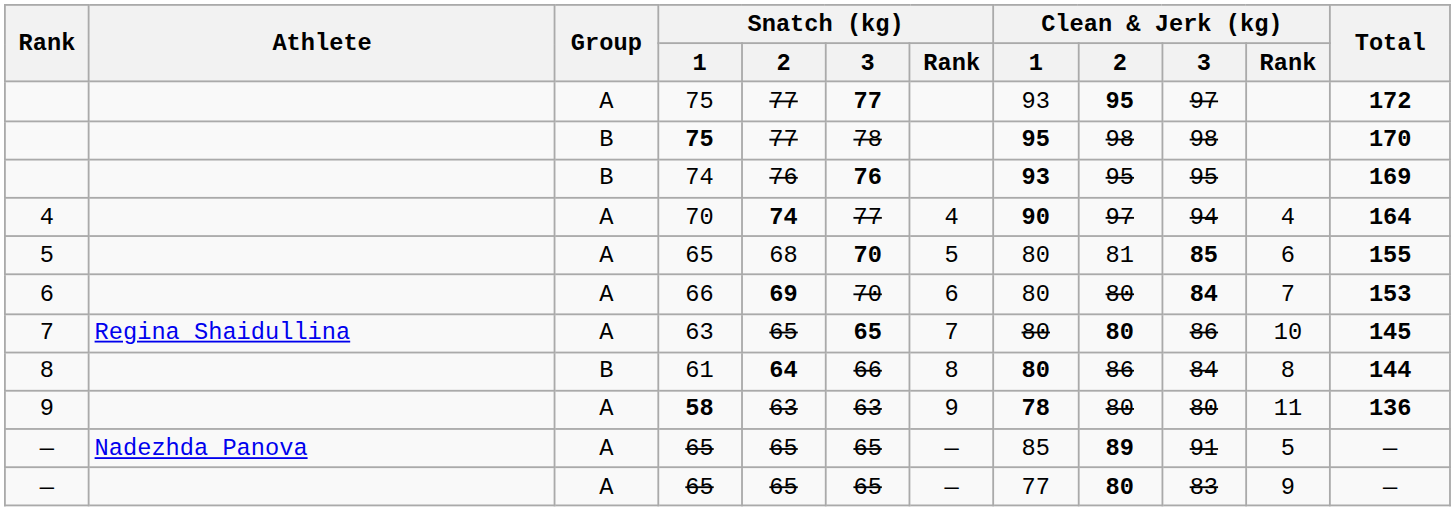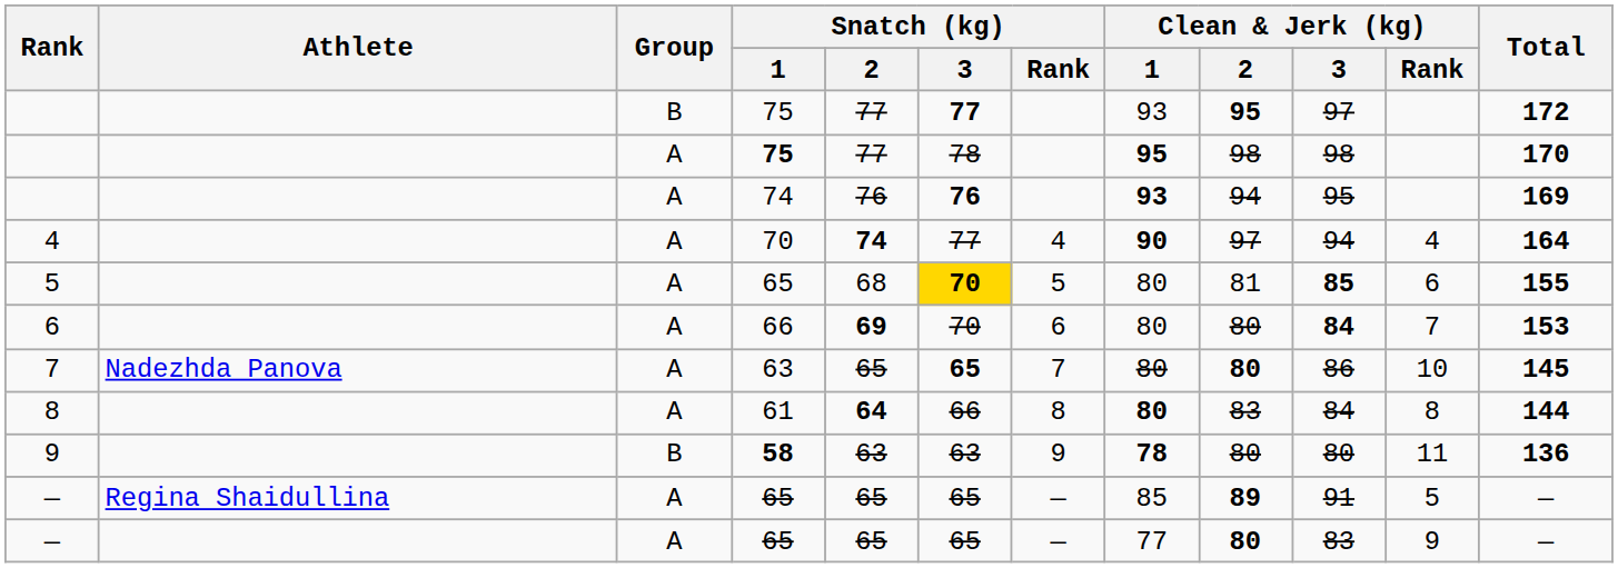 <table class = "wikitable" style="text-align:center;">
 <tr>
 <th rowspan=2 width=40>Rank</th>
 <th rowspan=2 width=250>Athlete</th>
 <th rowspan=2 width=50>Group</th>
 <th colspan=4>Snatch (kg)</th>
 <th colspan=4>Clean & Jerk (kg)</th>
 <th rowspan=2 width=60>Total</th>
 </tr>
 <tr>
 <th width=40>1</th>
 <th width=40>2</th>
 <th width=40>3</th>
 <th width=40>Rank</th>
 <th width=40>1</th>
 <th width=40>2</th>
 <th width=40>3</th>
 <th width=40>Rank</th>
 </tr>
 <tr>
 <td></td>
 <td align=left></td>
-<td>A</td>
+<td>B</td>
 <td>75</td>
 <td><s>77</s></td>
 <td><strong>77</strong></td>
 <td></td>
 <td>93</td>
 <td><strong>95</strong></td>
 <td><s>97</s></td>
 <td></td>
 <td><strong>172</strong></td>
 </tr>
 <tr>
 <td></td>
 <td align=left></td>
-<td>B</td>
+<td>A</td>
 <td><strong>75</strong></td>
 <td><s>77</s></td>
 <td><s>78</s></td>
 <td></td>
 <td><strong>95</strong></td>
 <td><s>98</s></td>
 <td><s>98</s></td>
 <td></td>
 <td><strong>170</strong></td>
 </tr>
 <tr>
 <td></td>
 <td align=left></td>
-<td>B</td>
+<td>A</td>
 <td>74</td>
 <td><s>76</s></td>
 <td><strong>76</strong></td>
 <td></td>
 <td><strong>93</strong></td>
-<td><s>95</s></td>
+<td><s>94</s></td>
 <td><s>95</s></td>
 <td></td>
 <td><strong>169</strong></td>
 </tr>
 <tr>
 <td>4</td>
 <td align=left></td>
 <td>A</td>
 <td>70</td>
 <td><strong>74</strong></td>
 <td><s>77</s></td>
 <td>4</td>
 <td><strong>90</strong></td>
 <td><s>97</s></td>
 <td><s>94</s></td>
 <td>4</td>
 <td><strong>164</strong></td>
 </tr>
 <tr>
 <td>5</td>
 <td align=left></td>
 <td>A</td>
 <td>65</td>
 <td>68</td>
-<td><strong>70</strong></td>
+<td style="background: gold;"><strong>70</strong></td>
 <td>5</td>
 <td>80</td>
 <td>81</td>
 <td><strong>85</strong></td>
 <td>6</td>
 <td><strong>155</strong></td>
 </tr>
 <tr>
 <td>6</td>
 <td align=left></td>
 <td>A</td>
 <td>66</td>
 <td><strong>69</strong></td>
 <td><s>70</s></td>
 <td>6</td>
 <td>80</td>
 <td><s>80</s></td>
 <td><strong>84</strong></td>
 <td>7</td>
 <td><strong>153</strong></td>
 </tr>
 <tr>
 <td>7</td>
-<td align=left> <a href='#'>Regina Shaidullina</a> </td>
+<td align=left> <a href='#'>Nadezhda Panova</a> </td>
 <td>A</td>
 <td>63</td>
 <td><s>65</s></td>
 <td><strong>65</strong></td>
 <td>7</td>
 <td><s>80</s></td>
 <td><strong>80</strong></td>
 <td><s>86</s></td>
 <td>10</td>
 <td><strong>145</strong></td>
 </tr>
 <tr>
 <td>8</td>
 <td align=left></td>
-<td>B</td>
+<td>A</td>
 <td>61</td>
 <td><strong>64</strong></td>
 <td><s>66</s></td>
 <td>8</td>
 <td><strong>80</strong></td>
-<td><s>86</s></td>
+<td><s>83</s></td>
 <td><s>84</s></td>
 <td>8</td>
 <td><strong>144</strong></td>
 </tr>
 <tr>
 <td>9</td>
 <td align=left></td>
-<td>A</td>
+<td>B</td>
 <td><strong>58</strong></td>
 <td><s>63</s></td>
 <td><s>63</s></td>
 <td>9</td>
 <td><strong>78</strong></td>
 <td><s>80</s></td>
 <td><s>80</s></td>
 <td>11</td>
 <td><strong>136</strong></td>
 </tr>
 <tr>
 <td>—</td>
-<td align=left> <a href='#'>Nadezhda Panova</a> </td>
+<td align=left> <a href='#'>Regina Shaidullina</a> </td>
 <td>A</td>
 <td><s>65</s></td>
 <td><s>65</s></td>
 <td><s>65</s></td>
 <td>—</td>
 <td>85</td>
 <td><strong>89</strong></td>
 <td><s>91</s></td>
 <td>5</td>
 <td>—</td>
 </tr>
 <tr>
 <td>—</td>
 <td align=left></td>
 <td>A</td>
 <td><s>65</s></td>
 <td><s>65</s></td>
 <td><s>65</s></td>
 <td>—</td>
 <td>77</td>
 <td><strong>80</strong></td>
 <td><s>83</s></td>
 <td>9</td>
 <td>—</td>
 </tr>
 </table>
